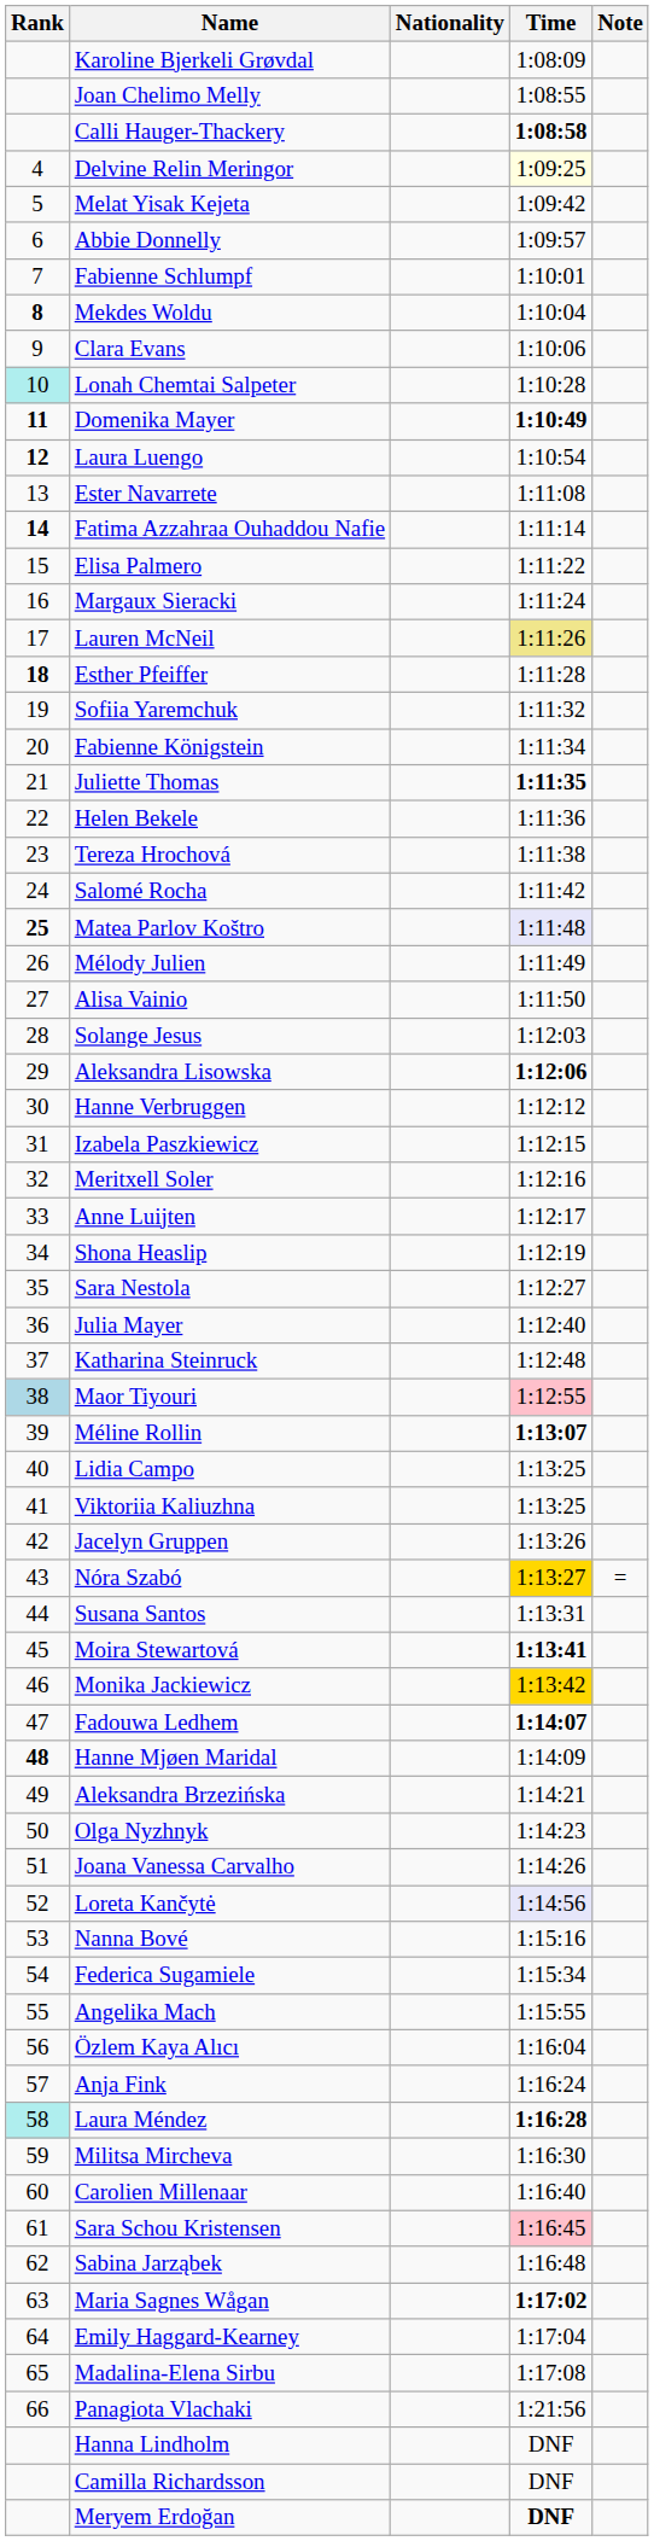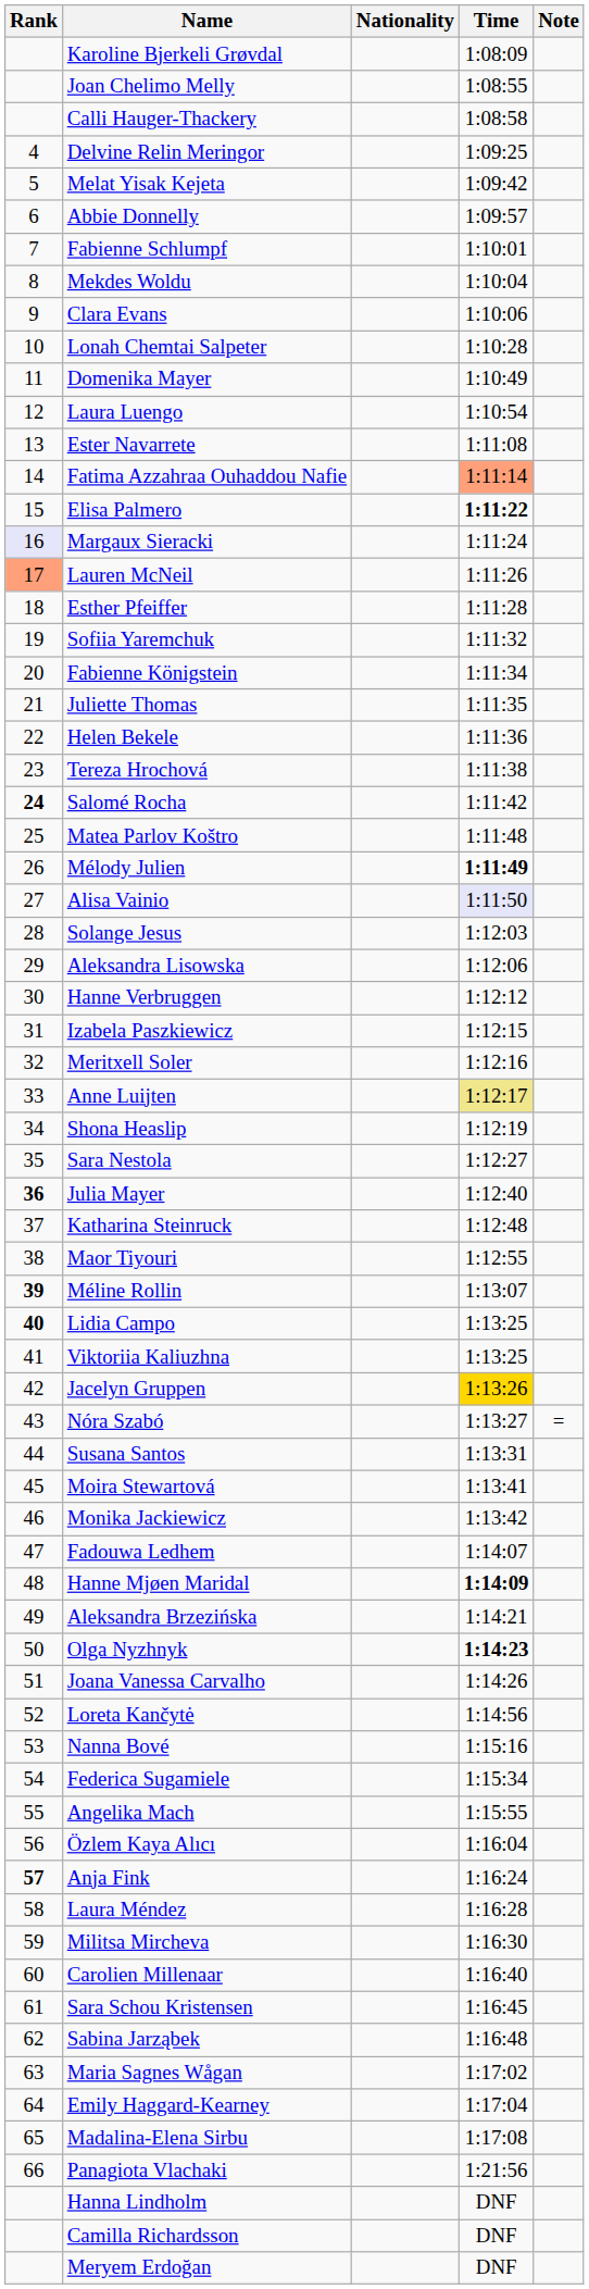 <table class="wikitable sortable"  style="text-align:center">
 <tr>
 <th>Rank</th>
 <th>Name</th>
 <th>Nationality</th>
 <th>Time</th>
 <th>Note</th>
 </tr>
 <tr>
 <td></td>
 <td align=left><a href='#'>Karoline Bjerkeli Grøvdal</a></td>
 <td align=left></td>
 <td>1:08:09</td>
 <td></td>
 </tr>
 <tr>
 <td></td>
 <td align=left><a href='#'>Joan Chelimo Melly</a></td>
 <td align=left></td>
 <td>1:08:55</td>
 <td></td>
 </tr>
 <tr>
 <td></td>
 <td align=left><a href='#'>Calli Hauger-Thackery</a></td>
 <td align="left"></td>
-<td><strong>1:08:58</strong></td>
+<td>1:08:58</td>
 <td></td>
 </tr>
 <tr>
 <td>4</td>
 <td align=left><a href='#'>Delvine Relin Meringor</a></td>
 <td align=left></td>
-<td style="background: lightyellow;">1:09:25</td>
+<td>1:09:25</td>
 <td></td>
 </tr>
 <tr>
 <td>5</td>
 <td align=left><a href='#'>Melat Yisak Kejeta</a></td>
 <td align=left></td>
 <td>1:09:42</td>
 <td></td>
 </tr>
 <tr>
 <td>6</td>
 <td align=left><a href='#'>Abbie Donnelly</a></td>
 <td align=left></td>
 <td>1:09:57</td>
 <td></td>
 </tr>
 <tr>
 <td>7</td>
 <td align=left><a href='#'>Fabienne Schlumpf</a></td>
 <td align=left></td>
 <td>1:10:01</td>
 <td></td>
 </tr>
 <tr>
-<td><strong>8</strong></td>
+<td>8</td>
 <td align=left><a href='#'>Mekdes Woldu</a></td>
 <td align=left></td>
 <td>1:10:04</td>
 <td></td>
 </tr>
 <tr>
 <td>9</td>
 <td align=left><a href='#'>Clara Evans</a></td>
 <td align=left></td>
 <td>1:10:06</td>
 <td></td>
 </tr>
 <tr>
-<td style="background: paleturquoise;">10</td>
+<td>10</td>
 <td align=left><a href='#'>Lonah Chemtai Salpeter</a></td>
 <td align=left></td>
 <td>1:10:28</td>
 <td></td>
 </tr>
 <tr>
-<td><strong>11</strong></td>
+<td>11</td>
 <td align=left><a href='#'>Domenika Mayer</a></td>
 <td align=left></td>
-<td><strong>1:10:49</strong></td>
+<td>1:10:49</td>
 <td></td>
 </tr>
 <tr>
-<td><strong>12</strong></td>
+<td>12</td>
 <td align=left><a href='#'>Laura Luengo</a></td>
 <td align=left></td>
 <td>1:10:54</td>
 <td></td>
 </tr>
 <tr>
 <td>13</td>
 <td align=left><a href='#'>Ester Navarrete</a></td>
 <td align=left></td>
 <td>1:11:08</td>
 <td></td>
 </tr>
 <tr>
-<td><strong>14</strong></td>
+<td>14</td>
 <td align=left><a href='#'>Fatima Azzahraa Ouhaddou Nafie</a></td>
 <td align=left></td>
-<td>1:11:14</td>
+<td style="background: lightsalmon;">1:11:14</td>
 <td></td>
 </tr>
 <tr>
 <td>15</td>
 <td align=left><a href='#'>Elisa Palmero</a></td>
 <td align=left></td>
-<td>1:11:22</td>
+<td><strong>1:11:22</strong></td>
 <td></td>
 </tr>
 <tr>
-<td>16</td>
+<td style="background: lavender;">16</td>
 <td align=left><a href='#'>Margaux Sieracki</a></td>
 <td align=left></td>
 <td>1:11:24</td>
 <td></td>
 </tr>
 <tr>
-<td>17</td>
+<td style="background: lightsalmon;">17</td>
 <td align=left><a href='#'>Lauren McNeil</a></td>
 <td align=left></td>
-<td style="background: khaki;">1:11:26</td>
+<td>1:11:26</td>
 <td></td>
 </tr>
 <tr>
-<td><strong>18</strong></td>
+<td>18</td>
 <td align=left><a href='#'>Esther Pfeiffer</a></td>
 <td align=left></td>
 <td>1:11:28</td>
 <td></td>
 </tr>
 <tr>
 <td>19</td>
 <td align=left><a href='#'>Sofiia Yaremchuk</a></td>
 <td align=left></td>
 <td>1:11:32</td>
 <td></td>
 </tr>
 <tr>
 <td>20</td>
 <td align=left><a href='#'>Fabienne Königstein</a></td>
 <td align=left></td>
 <td>1:11:34</td>
 <td></td>
 </tr>
 <tr>
 <td>21</td>
 <td align=left><a href='#'>Juliette Thomas</a></td>
 <td align=left></td>
-<td><strong>1:11:35</strong></td>
+<td>1:11:35</td>
 <td></td>
 </tr>
 <tr>
 <td>22</td>
 <td align=left><a href='#'>Helen Bekele</a></td>
 <td align=left></td>
 <td>1:11:36</td>
 <td></td>
 </tr>
 <tr>
 <td>23</td>
 <td align=left><a href='#'>Tereza Hrochová</a></td>
 <td align=left></td>
 <td>1:11:38</td>
 <td></td>
 </tr>
 <tr>
-<td>24</td>
+<td><strong>24</strong></td>
 <td align=left><a href='#'>Salomé Rocha</a></td>
 <td align=left></td>
 <td>1:11:42</td>
 <td></td>
 </tr>
 <tr>
-<td><strong>25</strong></td>
+<td>25</td>
 <td align=left><a href='#'>Matea Parlov Koštro</a></td>
 <td align=left></td>
-<td style="background: lavender;">1:11:48</td>
+<td>1:11:48</td>
 <td></td>
 </tr>
 <tr>
 <td>26</td>
 <td align=left><a href='#'>Mélody Julien</a></td>
 <td align=left></td>
-<td>1:11:49</td>
+<td><strong>1:11:49</strong></td>
 <td></td>
 </tr>
 <tr>
 <td>27</td>
 <td align=left><a href='#'>Alisa Vainio</a></td>
 <td align=left></td>
-<td>1:11:50</td>
+<td style="background: lavender;">1:11:50</td>
 <td></td>
 </tr>
 <tr>
 <td>28</td>
 <td align=left><a href='#'>Solange Jesus</a></td>
 <td align=left></td>
 <td>1:12:03</td>
 <td></td>
 </tr>
 <tr>
 <td>29</td>
 <td align=left><a href='#'>Aleksandra Lisowska</a></td>
 <td align=left></td>
-<td><strong>1:12:06</strong></td>
+<td>1:12:06</td>
 <td></td>
 </tr>
 <tr>
 <td>30</td>
 <td align=left><a href='#'>Hanne Verbruggen</a></td>
 <td align=left></td>
 <td>1:12:12</td>
 <td></td>
 </tr>
 <tr>
 <td>31</td>
 <td align=left><a href='#'>Izabela Paszkiewicz</a></td>
 <td align=left></td>
 <td>1:12:15</td>
 <td></td>
 </tr>
 <tr>
 <td>32</td>
 <td align=left><a href='#'>Meritxell Soler</a></td>
 <td align=left></td>
 <td>1:12:16</td>
 <td></td>
 </tr>
 <tr>
 <td>33</td>
 <td align=left><a href='#'>Anne Luijten</a></td>
 <td align=left></td>
-<td>1:12:17</td>
+<td style="background: khaki;">1:12:17</td>
 <td></td>
 </tr>
 <tr>
 <td>34</td>
 <td align=left><a href='#'>Shona Heaslip</a></td>
 <td align=left></td>
 <td>1:12:19</td>
 <td></td>
 </tr>
 <tr>
 <td>35</td>
 <td align=left><a href='#'>Sara Nestola</a></td>
 <td align=left></td>
 <td>1:12:27</td>
 <td></td>
 </tr>
 <tr>
-<td>36</td>
+<td><strong>36</strong></td>
 <td align=left><a href='#'>Julia Mayer</a></td>
 <td align=left></td>
 <td>1:12:40</td>
 <td></td>
 </tr>
 <tr>
 <td>37</td>
 <td align=left><a href='#'>Katharina Steinruck</a></td>
 <td align=left></td>
 <td>1:12:48</td>
 <td></td>
 </tr>
 <tr>
-<td style="background: lightblue;">38</td>
+<td>38</td>
 <td align=left><a href='#'>Maor Tiyouri</a></td>
 <td align=left></td>
-<td style="background: pink;">1:12:55</td>
+<td>1:12:55</td>
 <td></td>
 </tr>
 <tr>
-<td>39</td>
+<td><strong>39</strong></td>
 <td align=left><a href='#'>Méline Rollin</a></td>
 <td align=left></td>
-<td><strong>1:13:07</strong></td>
+<td>1:13:07</td>
 <td></td>
 </tr>
 <tr>
-<td>40</td>
+<td><strong>40</strong></td>
 <td align=left><a href='#'>Lidia Campo</a></td>
 <td align=left></td>
 <td>1:13:25</td>
 <td></td>
 </tr>
 <tr>
 <td>41</td>
 <td align=left><a href='#'>Viktoriia Kaliuzhna</a></td>
 <td align=left></td>
 <td>1:13:25</td>
 <td></td>
 </tr>
 <tr>
 <td>42</td>
 <td align=left><a href='#'>Jacelyn Gruppen</a></td>
 <td align=left></td>
-<td>1:13:26</td>
+<td style="background: gold;">1:13:26</td>
 <td></td>
 </tr>
 <tr>
 <td>43</td>
 <td align=left><a href='#'>Nóra Szabó</a></td>
 <td align=left></td>
-<td style="background: gold;">1:13:27</td>
+<td>1:13:27</td>
 <td>=</td>
 </tr>
 <tr>
 <td>44</td>
 <td align=left><a href='#'>Susana Santos</a></td>
 <td align=left></td>
 <td>1:13:31</td>
 <td></td>
 </tr>
 <tr>
 <td>45</td>
 <td align=left><a href='#'>Moira Stewartová</a></td>
 <td align=left></td>
-<td><strong>1:13:41</strong></td>
+<td>1:13:41</td>
 <td></td>
 </tr>
 <tr>
 <td>46</td>
 <td align=left><a href='#'>Monika Jackiewicz</a></td>
 <td align=left></td>
-<td style="background: gold;">1:13:42</td>
+<td>1:13:42</td>
 <td></td>
 </tr>
 <tr>
 <td>47</td>
 <td align=left><a href='#'>Fadouwa Ledhem</a></td>
 <td align=left></td>
-<td><strong>1:14:07</strong></td>
+<td>1:14:07</td>
 <td></td>
 </tr>
 <tr>
-<td><strong>48</strong></td>
+<td>48</td>
 <td align=left><a href='#'>Hanne Mjøen Maridal</a></td>
 <td align=left></td>
-<td>1:14:09</td>
+<td><strong>1:14:09</strong></td>
 <td></td>
 </tr>
 <tr>
 <td>49</td>
 <td align=left><a href='#'>Aleksandra Brzezińska</a></td>
 <td align=left></td>
 <td>1:14:21</td>
 <td></td>
 </tr>
 <tr>
 <td>50</td>
 <td align=left><a href='#'>Olga Nyzhnyk</a></td>
 <td align=left></td>
-<td>1:14:23</td>
+<td><strong>1:14:23</strong></td>
 <td></td>
 </tr>
 <tr>
 <td>51</td>
 <td align=left><a href='#'>Joana Vanessa Carvalho</a></td>
 <td align=left></td>
 <td>1:14:26</td>
 <td></td>
 </tr>
 <tr>
 <td>52</td>
 <td align=left><a href='#'>Loreta Kančytė</a></td>
 <td align=left></td>
-<td style="background: lavender;">1:14:56</td>
+<td>1:14:56</td>
 <td></td>
 </tr>
 <tr>
 <td>53</td>
 <td align=left><a href='#'>Nanna Bové</a></td>
 <td align=left></td>
 <td>1:15:16</td>
 <td></td>
 </tr>
 <tr>
 <td>54</td>
 <td align=left><a href='#'>Federica Sugamiele</a></td>
 <td align=left></td>
 <td>1:15:34</td>
 <td></td>
 </tr>
 <tr>
 <td>55</td>
 <td align=left><a href='#'>Angelika Mach</a></td>
 <td align=left></td>
 <td>1:15:55</td>
 <td></td>
 </tr>
 <tr>
 <td>56</td>
 <td align=left><a href='#'>Özlem Kaya Alıcı</a></td>
 <td align=left></td>
 <td>1:16:04</td>
 <td></td>
 </tr>
 <tr>
-<td>57</td>
+<td><strong>57</strong></td>
 <td align=left><a href='#'>Anja Fink</a></td>
 <td align=left></td>
 <td>1:16:24</td>
 <td></td>
 </tr>
 <tr>
-<td style="background: paleturquoise;">58</td>
+<td>58</td>
 <td align=left><a href='#'>Laura Méndez</a></td>
 <td align=left></td>
-<td><strong>1:16:28</strong></td>
+<td>1:16:28</td>
 <td></td>
 </tr>
 <tr>
 <td>59</td>
 <td align=left><a href='#'>Militsa Mircheva</a></td>
 <td align=left></td>
 <td>1:16:30</td>
 <td></td>
 </tr>
 <tr>
 <td>60</td>
 <td align=left><a href='#'>Carolien Millenaar</a></td>
 <td align=left></td>
 <td>1:16:40</td>
 <td></td>
 </tr>
 <tr>
 <td>61</td>
 <td align=left><a href='#'>Sara Schou Kristensen</a></td>
 <td align=left></td>
-<td style="background: pink;">1:16:45</td>
+<td>1:16:45</td>
 <td></td>
 </tr>
 <tr>
 <td>62</td>
 <td align=left><a href='#'>Sabina Jarząbek</a></td>
 <td align=left></td>
 <td>1:16:48</td>
 <td></td>
 </tr>
 <tr>
 <td>63</td>
 <td align=left><a href='#'>Maria Sagnes Wågan</a></td>
 <td align=left></td>
-<td><strong>1:17:02</strong></td>
+<td>1:17:02</td>
 <td></td>
 </tr>
 <tr>
 <td>64</td>
 <td align=left><a href='#'>Emily Haggard-Kearney</a></td>
 <td align=left></td>
 <td>1:17:04</td>
 <td></td>
 </tr>
 <tr>
 <td>65</td>
 <td align=left><a href='#'>Madalina-Elena Sirbu</a></td>
 <td align=left></td>
 <td>1:17:08</td>
 <td></td>
 </tr>
 <tr>
 <td>66</td>
 <td align=left><a href='#'>Panagiota Vlachaki</a></td>
 <td align=left></td>
 <td>1:21:56</td>
 <td></td>
 </tr>
 <tr>
 <td></td>
 <td align=left><a href='#'>Hanna Lindholm</a></td>
 <td align=left></td>
 <td>DNF</td>
 <td></td>
 </tr>
 <tr>
 <td></td>
 <td align=left><a href='#'>Camilla Richardsson</a></td>
 <td align=left></td>
 <td>DNF</td>
 <td></td>
 </tr>
 <tr>
 <td></td>
 <td align=left><a href='#'>Meryem Erdoğan</a></td>
 <td align=left></td>
-<td><strong>DNF</strong></td>
+<td>DNF</td>
 <td></td>
 </tr>
 </table>
